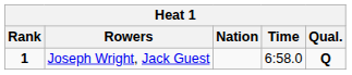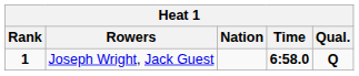 <table class="wikitable" style="text-align:center">
 <tr>
 <th colspan=5 align=center><strong>Heat 1</strong></th>
 </tr>
 <tr>
 <th>Rank</th>
 <th>Rowers</th>
 <th>Nation</th>
 <th>Time</th>
 <th>Qual.</th>
 </tr>
 <tr>
 <td><strong>1</strong></td>
 <td align=left><a href='#'>Joseph Wright</a>, <a href='#'>Jack Guest</a></td>
 <td align=left></td>
-<td>6:58.0</td>
+<td><strong>6:58.0</strong></td>
 <td><strong>Q</strong></td>
 </tr>
 </table>
